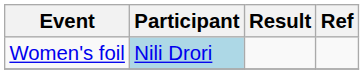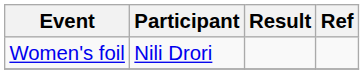 <table class="wikitable" style="font-size: 95%;">
 <tr>
 <th>Event</th>
 <th>Participant</th>
 <th>Result</th>
 <th>Ref</th>
 </tr>
 <tr>
 <td><a href='#'>Women's foil</a></td>
-<td style="background: lightblue;"><a href='#'>Nili Drori</a></td>
+<td><a href='#'>Nili Drori</a></td>
 <td></td>
 <td></td>
 </tr>
 <tr>
 </tr>
 </table>
